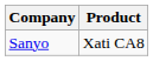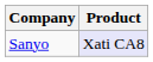 <table class="wikitable">
 <tr>
 <th>Company</th>
 <th>Product</th>
 </tr>
 <tr>
 <td><a href='#'>Sanyo</a></td>
-<td>Xati CA8</td>
+<td style="background: lavender;">Xati CA8</td>
 </tr>
 </table>
